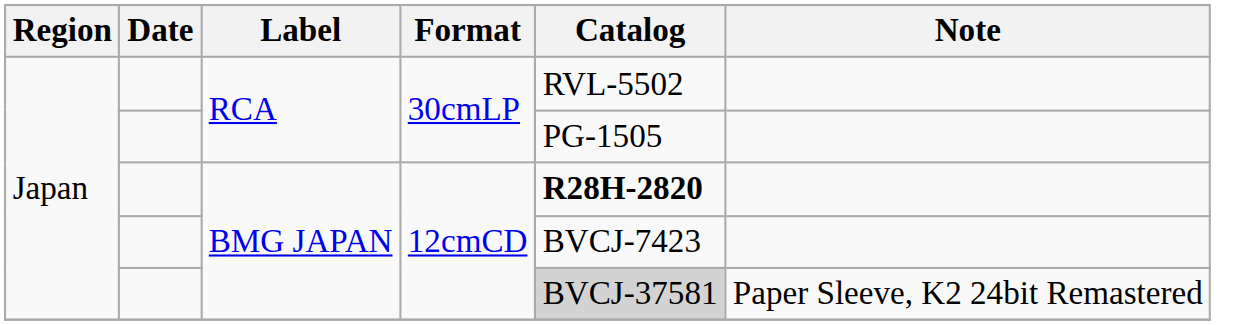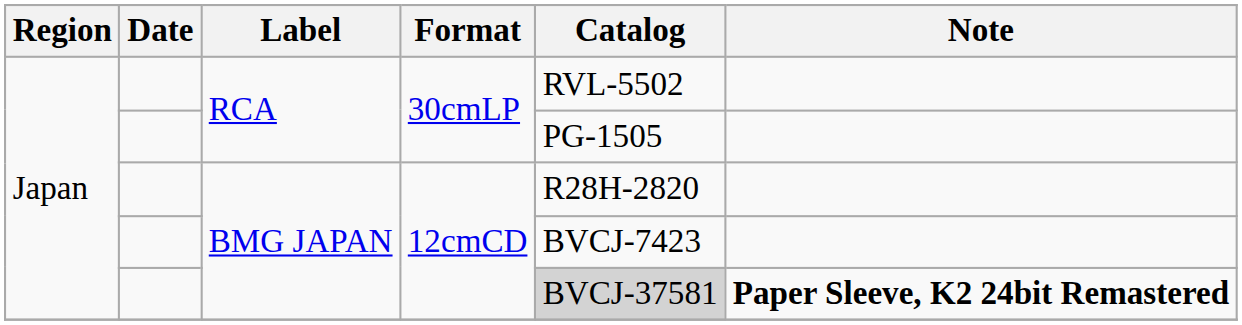 <table class="wikitable sortable">
 <tr>
 <th>Region</th>
 <th>Date</th>
 <th>Label</th>
 <th>Format</th>
 <th>Catalog</th>
 <th>Note</th>
 </tr>
 <tr>
 <td rowspan="5">Japan</td>
 <td></td>
 <td rowspan="2"><a href='#'>RCA</a></td>
 <td rowspan="2"><a href='#'>30cmLP</a></td>
 <td>RVL-5502</td>
 <td></td>
 </tr>
 <tr>
 <td></td>
 <td>PG-1505</td>
 <td></td>
 </tr>
 <tr>
 <td></td>
 <td rowspan="3"><a href='#'>BMG JAPAN</a></td>
 <td rowspan="3"><a href='#'>12cmCD</a></td>
-<td><strong>R28H-2820</strong></td>
+<td>R28H-2820</td>
 <td></td>
 </tr>
 <tr>
 <td></td>
 <td>BVCJ-7423</td>
 <td></td>
 </tr>
 <tr>
 <td></td>
 <td style="background: lightgrey;">BVCJ-37581</td>
-<td>Paper Sleeve, K2 24bit Remastered</td>
+<td><strong>Paper Sleeve, K2 24bit Remastered</strong></td>
 </tr>
 <tr>
 </tr>
 </table>
